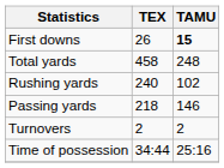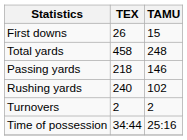 <table class="wikitable" style="float: left;">
 <tr>
 <th>Statistics</th>
 <th>TEX</th>
 <th>TAMU</th>
 </tr>
 <tr>
 <td>First downs</td>
 <td>26</td>
-<td><strong>15</strong></td>
+<td>15</td>
 </tr>
 <tr>
 <td>Total yards</td>
 <td>458</td>
 <td>248</td>
 </tr>
 <tr>
+<td>Passing yards</td>
+<td>218</td>
+<td>146</td>
+</tr>
+<tr>
 <td>Rushing yards</td>
 <td>240</td>
 <td>102</td>
-</tr>
-<tr>
-<td>Passing yards</td>
-<td>218</td>
-<td>146</td>
 </tr>
 <tr>
 <td>Turnovers</td>
 <td>2</td>
 <td>2</td>
 </tr>
 <tr>
 <td>Time of possession</td>
 <td>34:44</td>
 <td>25:16</td>
 </tr>
 <tr>
 </tr>
 </table>
